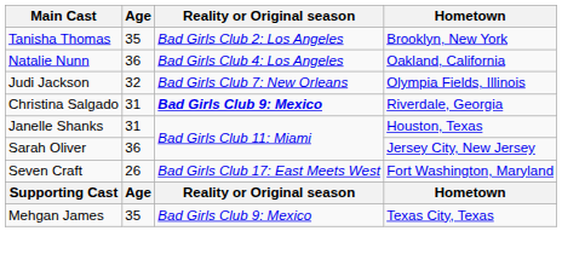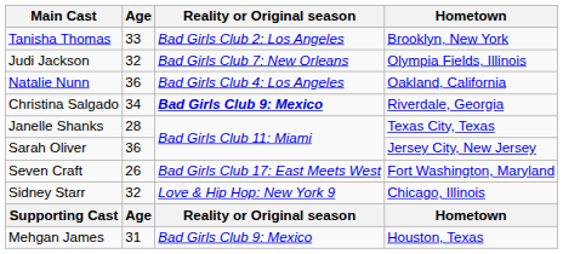 <table class="wikitable">
 <tr>
 <th>Main Cast</th>
 <th Age !scope="col">Age</th>
 <th>Reality or Original season</th>
 <th>Hometown</th>
 </tr>
 <tr>
 <td><a href='#'>Tanisha Thomas</a></td>
-<td>35</td>
+<td>33</td>
 <td><em><a href='#'>Bad Girls Club 2: Los Angeles</a></em></td>
 <td><a href='#'>Brooklyn, New York</a></td>
+</tr>
+<tr>
+<td>Judi Jackson</td>
+<td>32</td>
+<td><em><a href='#'>Bad Girls Club 7: New Orleans</a></em></td>
+<td><a href='#'>Olympia Fields, Illinois</a></td>
 </tr>
 <tr>
 <td><a href='#'>Natalie Nunn</a></td>
 <td>36</td>
 <td><em><a href='#'>Bad Girls Club 4: Los Angeles</a></em></td>
 <td><a href='#'>Oakland, California</a></td>
 </tr>
 <tr>
-<td>Judi Jackson</td>
-<td>32</td>
-<td><em><a href='#'>Bad Girls Club 7: New Orleans</a></em></td>
-<td><a href='#'>Olympia Fields, Illinois</a></td>
-</tr>
-<tr>
 <td>Christina Salgado</td>
-<td>31</td>
+<td>34</td>
 <td><strong><em><a href='#'>Bad Girls Club 9: Mexico</a></em></strong></td>
 <td><a href='#'>Riverdale, Georgia</a></td>
 </tr>
 <tr>
 <td>Janelle Shanks</td>
-<td>31</td>
+<td>28</td>
 <td rowspan="2"><em><a href='#'>Bad Girls Club 11: Miami</a></em></td>
-<td><a href='#'>Houston, Texas</a></td>
+<td><a href='#'>Texas City, Texas</a></td>
 </tr>
 <tr>
 <td>Sarah Oliver</td>
 <td>36</td>
 <td><a href='#'>Jersey City, New Jersey</a></td>
 </tr>
 <tr>
 <td>Seven Craft</td>
 <td>26</td>
 <td><em><a href='#'>Bad Girls Club 17: East Meets West</a></em></td>
 <td><a href='#'>Fort Washington, Maryland</a></td>
 </tr>
 <tr>
+<td>Sidney Starr</td>
+<td>32</td>
+<td><em><a href='#'>Love & Hip Hop: New York 9</a></em></td>
+<td><a href='#'>Chicago, Illinois</a></td>
+</tr>
+<tr>
 <th>Supporting Cast</th>
 <th>Age</th>
 <th>Reality or Original season</th>
 <th>Hometown</th>
 </tr>
 <tr>
 <td>Mehgan James</td>
-<td>35</td>
+<td>31</td>
 <td><em><a href='#'>Bad Girls Club 9: Mexico</a></em></td>
-<td><a href='#'>Texas City, Texas</a></td>
+<td><a href='#'>Houston, Texas</a></td>
 </tr>
 </table>
